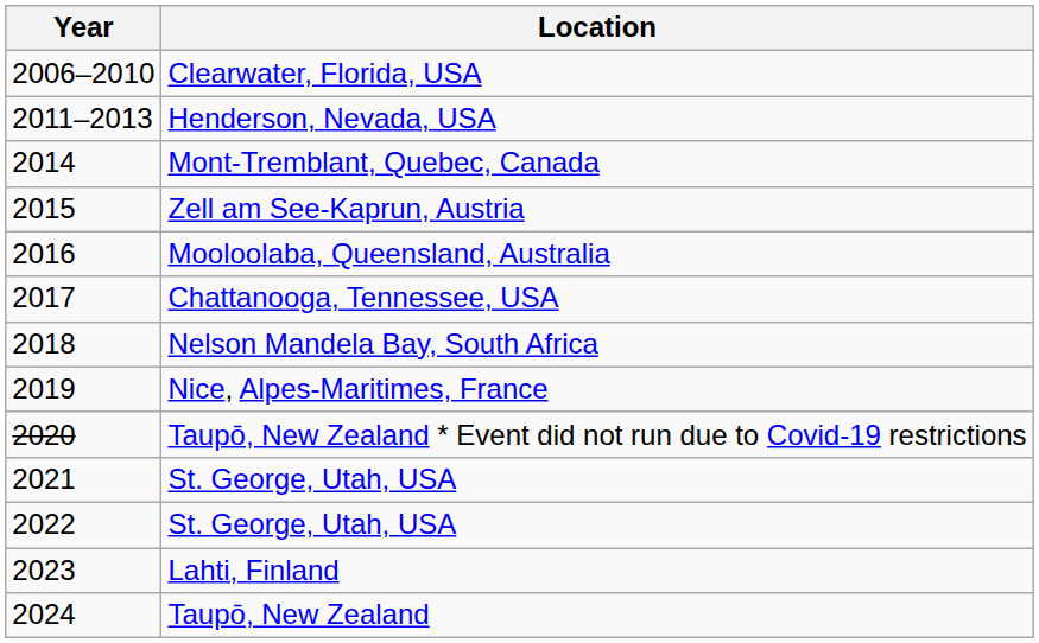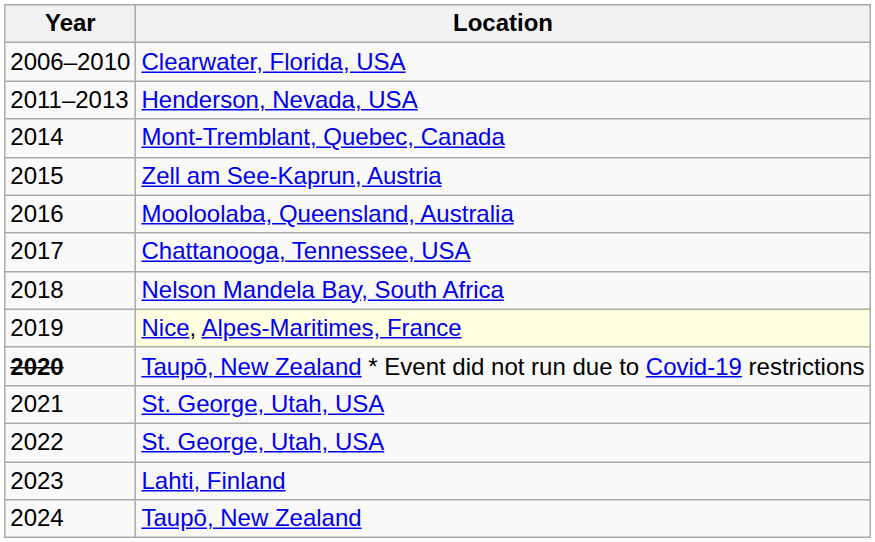 <table class="wikitable">
 <tr>
 <th>Year</th>
 <th>Location</th>
 </tr>
 <tr>
 <td>2006–2010</td>
 <td><a href='#'>Clearwater, Florida, USA</a></td>
 </tr>
 <tr>
 <td>2011–2013</td>
 <td><a href='#'>Henderson, Nevada, USA</a></td>
 </tr>
 <tr>
 <td>2014</td>
 <td><a href='#'>Mont-Tremblant, Quebec, Canada</a></td>
 </tr>
 <tr>
 <td>2015</td>
 <td><a href='#'>Zell am See-Kaprun, Austria</a></td>
 </tr>
 <tr>
 <td>2016</td>
 <td><a href='#'>Mooloolaba, Queensland, Australia</a></td>
 </tr>
 <tr>
 <td>2017</td>
 <td><a href='#'>Chattanooga, Tennessee, USA</a></td>
 </tr>
 <tr>
 <td>2018</td>
 <td><a href='#'>Nelson Mandela Bay, South Africa</a></td>
 </tr>
 <tr>
 <td>2019</td>
-<td><a href='#'>Nice</a>, <a href='#'>Alpes-Maritimes, France</a></td>
+<td style="background: lightyellow;"><a href='#'>Nice</a>, <a href='#'>Alpes-Maritimes, France</a></td>
 </tr>
 <tr>
-<td><s>2020</s></td>
+<td><strong><s>2020</s></strong></td>
 <td><a href='#'>Taupō, New Zealand</a> * Event did not run due to <a href='#'>Covid-19</a> restrictions</td>
 </tr>
 <tr>
 <td>2021</td>
 <td><a href='#'>St. George, Utah, USA</a></td>
 </tr>
 <tr>
 <td>2022</td>
 <td><a href='#'>St. George, Utah, USA</a></td>
 </tr>
 <tr>
 <td>2023</td>
 <td><a href='#'>Lahti, Finland</a></td>
 </tr>
 <tr>
 <td>2024</td>
 <td><a href='#'>Taupō, New Zealand</a></td>
 </tr>
 </table>
